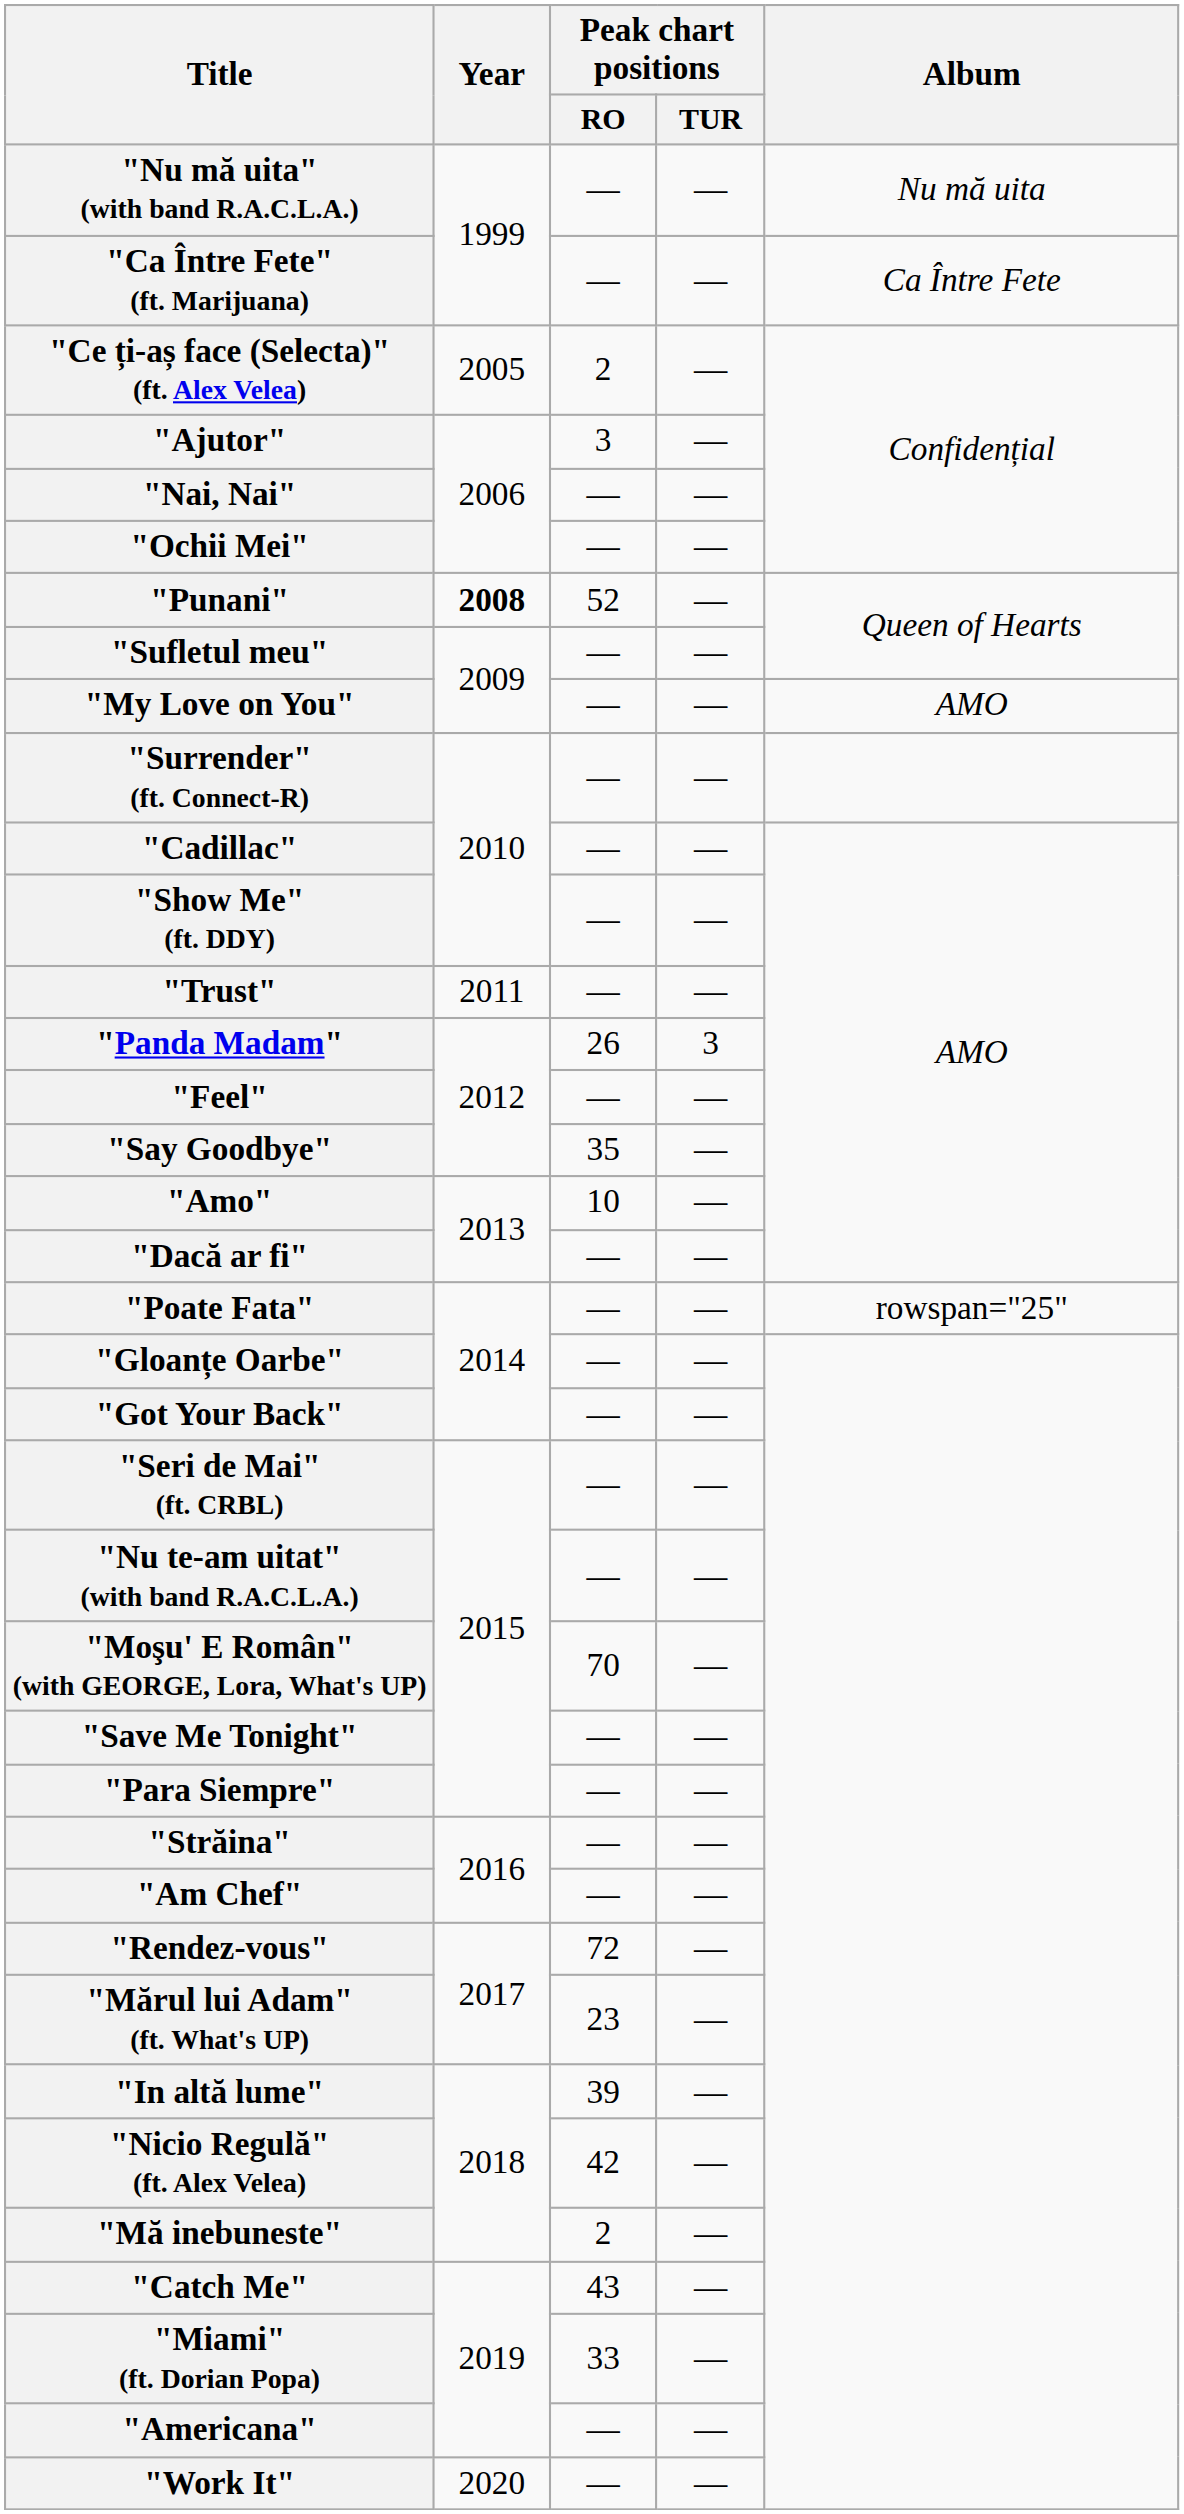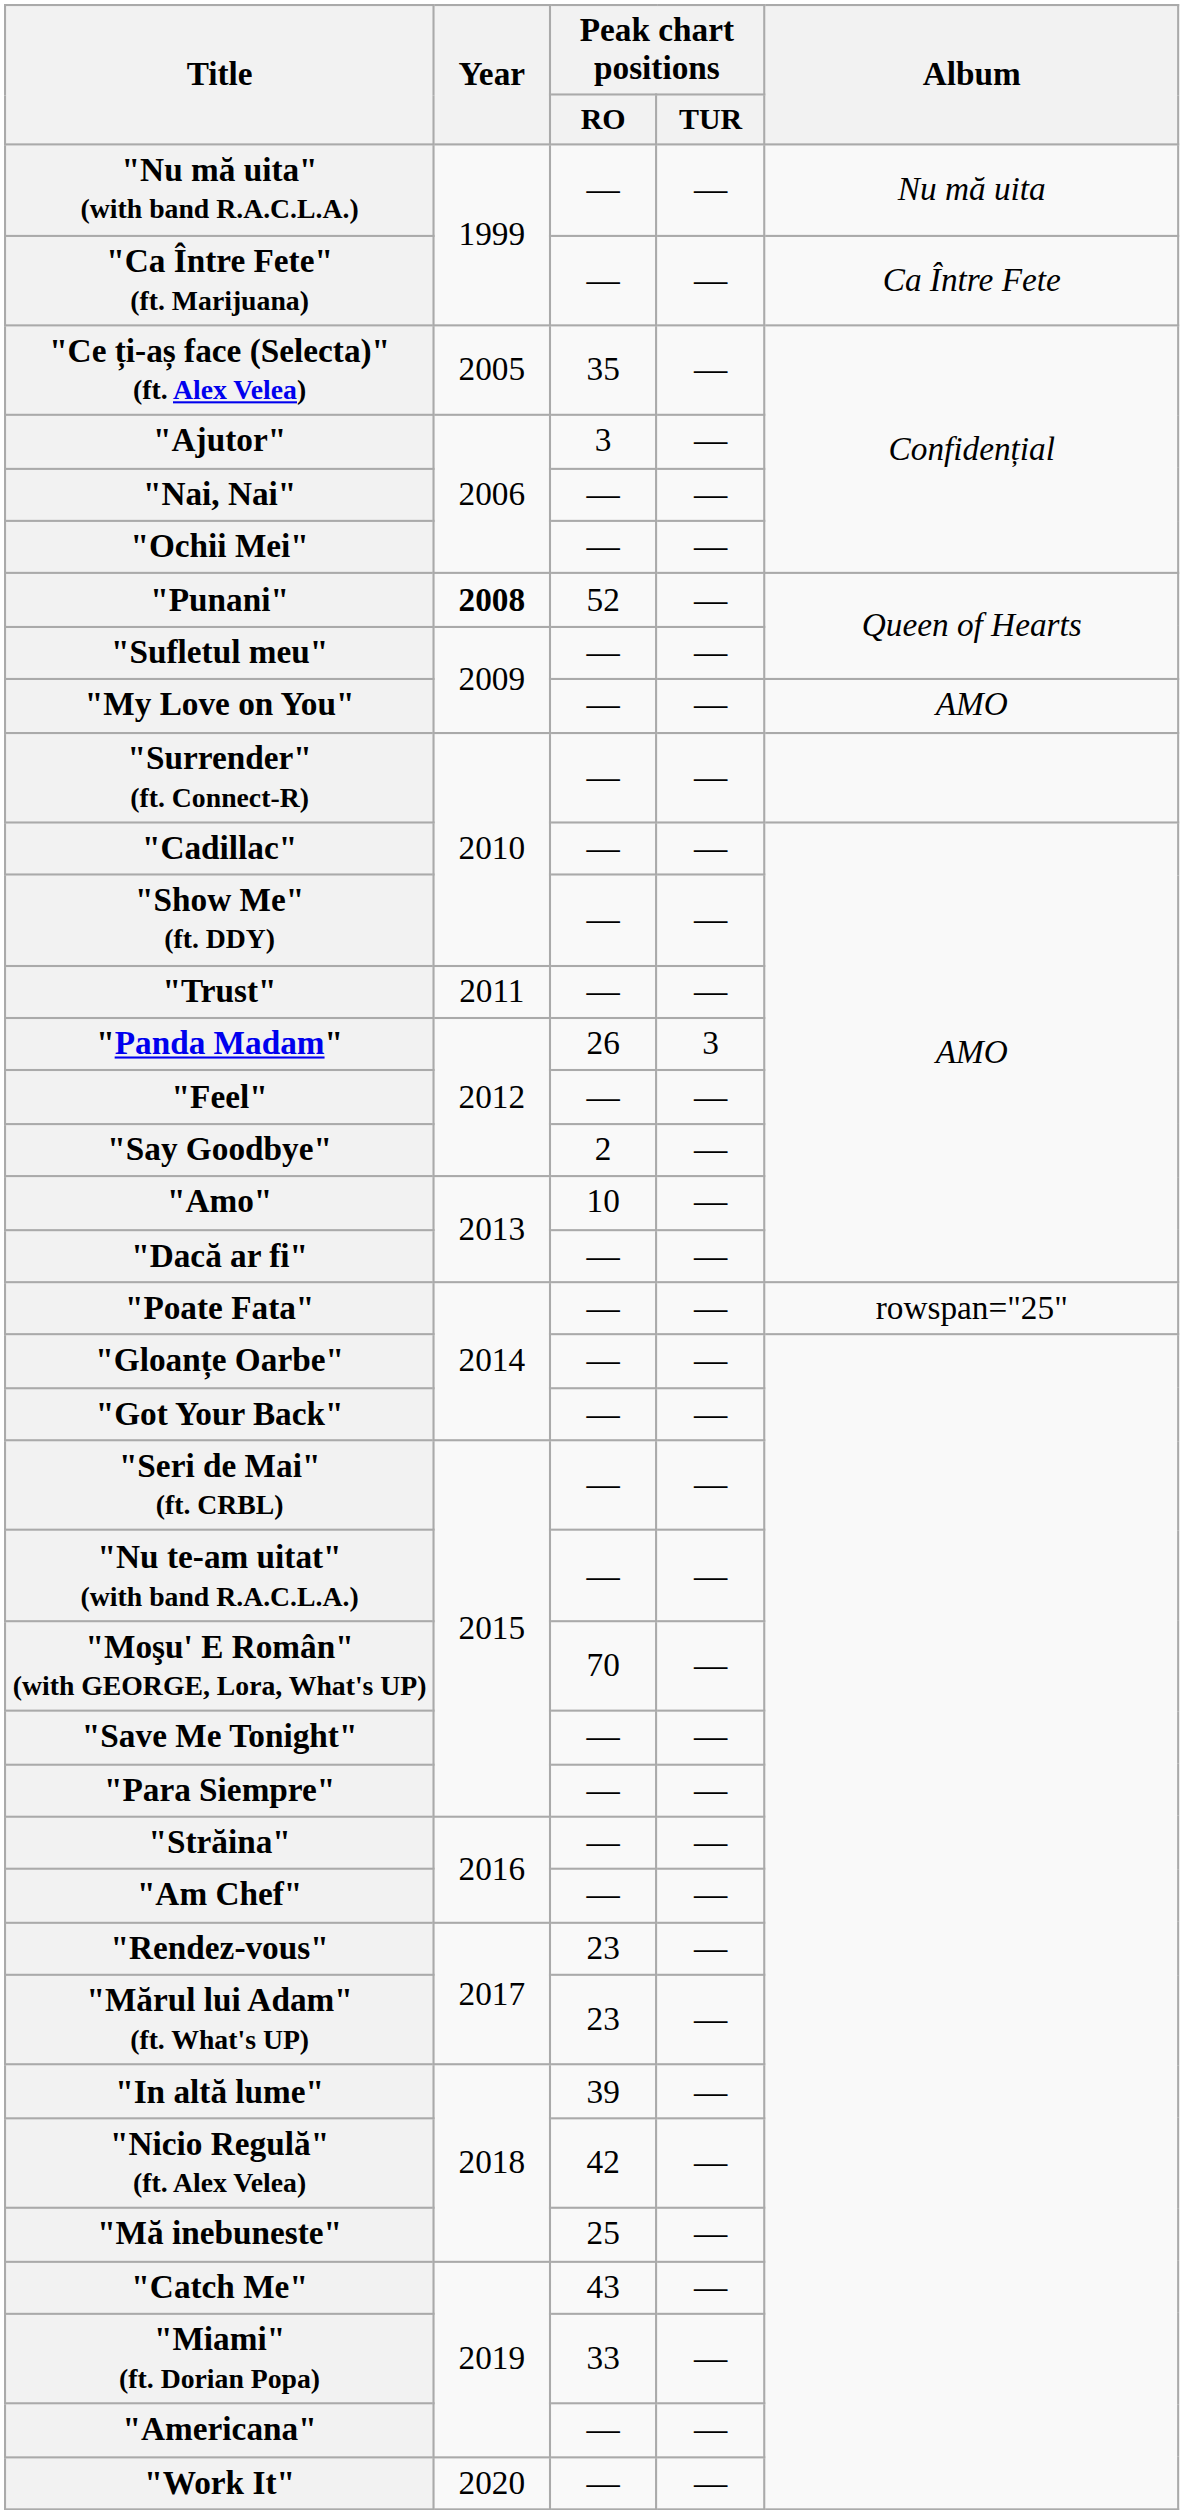 <table class="wikitable" style="text-align:center;">
 <tr>
 <th scope="col" rowspan="2">Title</th>
 <th scope="col" rowspan="2" style="width:3em;">Year</th>
 <th scope="col" colspan="2" style="width:6em;">Peak chart positions</th>
 <th scope="col" rowspan="2" style="width:12em;">Album</th>
 </tr>
 <tr>
 <th scope="col" style="width:3em;font-size:90%;">RO<br></th>
 <th scope="col" style="width:3em;font-size:90%;">TUR<br></th>
 </tr>
 <tr>
 <th scope="row">"Nu mă uita"<br><small>(with band R.A.C.L.A.)</small></th>
 <td rowspan="2">1999</td>
 <td>—</td>
 <td>—</td>
 <td><em>Nu mă uita</em></td>
 </tr>
 <tr>
 <th scope="row">"Ca Între Fete"<br><small>(ft. Marijuana)</small></th>
 <td>—</td>
 <td>—</td>
 <td><em>Ca Între Fete</em></td>
 </tr>
 <tr>
 <th scope="row">"Ce ți-aș face (Selecta)"<br><small>(ft. <a href='#'>Alex Velea</a>)</small></th>
 <td>2005</td>
-<td>2</td>
+<td>35</td>
 <td>—</td>
 <td rowspan="4"><em>Confidențial</em></td>
 </tr>
 <tr>
 <th scope="row">"Ajutor"</th>
 <td rowspan="3">2006</td>
 <td>3</td>
 <td>—</td>
 </tr>
 <tr>
 <th scope="row">"Nai, Nai"</th>
 <td>—</td>
 <td>—</td>
 </tr>
 <tr>
 <th scope="row">"Ochii Mei"</th>
 <td>—</td>
 <td>—</td>
 </tr>
 <tr>
 <th scope="row">"Punani"</th>
 <td><strong>2008</strong></td>
 <td>52</td>
 <td>—</td>
 <td rowspan="2"><em>Queen of Hearts</em></td>
 </tr>
 <tr>
 <th scope="row">"Sufletul meu"</th>
 <td rowspan="2">2009</td>
 <td>—</td>
 <td>—</td>
 </tr>
 <tr>
 <th>"My Love on You"</th>
 <td>—</td>
 <td>—</td>
 <td><em>AMO</em></td>
 </tr>
 <tr>
 <th scope="row">"Surrender"<br><small>(ft. Connect-R)</small></th>
 <td rowspan="3">2010</td>
 <td>—</td>
 <td>—</td>
 <td></td>
 </tr>
 <tr>
 <th scope="row">"Cadillac"</th>
 <td>—</td>
 <td>—</td>
 <td rowspan="8"><em>AMO</em></td>
 </tr>
 <tr>
 <th scope="row">"Show Me"<br><small>(ft. DDY)</small></th>
 <td>—</td>
 <td>—</td>
 </tr>
 <tr>
 <th scope="row">"Trust"</th>
 <td>2011</td>
 <td>—</td>
 <td>—</td>
 </tr>
 <tr>
 <th scope="row">"<a href='#'>Panda Madam</a>"</th>
 <td rowspan="3">2012</td>
 <td>26</td>
 <td>3</td>
 </tr>
 <tr>
 <th scope="row">"Feel"</th>
 <td>—</td>
 <td>—</td>
 </tr>
 <tr>
 <th scope="row">"Say Goodbye"</th>
-<td>35</td>
+<td>2</td>
 <td>—</td>
 </tr>
 <tr>
 <th scope="row">"Amo"</th>
 <td rowspan="2">2013</td>
 <td>10</td>
 <td>—</td>
 </tr>
 <tr>
 <th scope="row">"Dacă ar fi"</th>
 <td>—</td>
 <td>—</td>
 </tr>
 <tr>
 <th scope="row">"Poate Fata"</th>
 <td rowspan="3">2014</td>
 <td>—</td>
 <td>—</td>
 <td>rowspan="25" </td>
 </tr>
 <tr>
 <th scope="row">"Gloanțe Oarbe"</th>
 <td>—</td>
 <td>—</td>
 </tr>
 <tr>
 <th>"Got Your Back"</th>
 <td>—</td>
 <td>—</td>
 </tr>
 <tr>
 <th scope="row">"Seri de Mai"<br><small>(ft. CRBL)</small></th>
 <td rowspan="5">2015</td>
 <td>—</td>
 <td>—</td>
 </tr>
 <tr>
 <th scope="row">"Nu te-am uitat"<br><small>(with band R.A.C.L.A.)</small></th>
 <td>—</td>
 <td>—</td>
 </tr>
 <tr>
 <th scope="row">"Moşu' E Român"<br><small>(with GEORGE, Lora, What's UP)</small></th>
 <td>70</td>
 <td>—</td>
 </tr>
 <tr>
 <th scope="row">"Save Me Tonight"</th>
 <td>—</td>
 <td>—</td>
 </tr>
 <tr>
 <th scope="row">"Para Siempre"</th>
 <td>—</td>
 <td>—</td>
 </tr>
 <tr>
 <th scope="row">"Străina"</th>
 <td rowspan="2">2016</td>
 <td>—</td>
 <td>—</td>
 </tr>
 <tr>
 <th scope="row">"Am Chef"</th>
 <td>—</td>
 <td>—</td>
 </tr>
 <tr>
 <th scope="row">"Rendez-vous"</th>
 <td rowspan="2">2017</td>
-<td>72</td>
+<td>23</td>
 <td>—</td>
 </tr>
 <tr>
 <th scope="row">"Mărul lui Adam"<br><small>(ft. What's UP)</small></th>
 <td>23</td>
 <td>—</td>
 </tr>
 <tr>
 <th scope="row">"In altă lume"</th>
 <td rowspan="3">2018</td>
 <td>39</td>
 <td>—</td>
 </tr>
 <tr>
 <th scope="row">"Nicio Regulă"<br><small>(ft. Alex Velea)</small></th>
 <td>42</td>
 <td>—</td>
 </tr>
 <tr>
 <th scope="row">"Mă inebuneste"</th>
-<td>2</td>
+<td>25</td>
 <td>—</td>
 </tr>
 <tr>
 <th scope="row">"Catch Me"</th>
 <td rowspan="3">2019</td>
 <td>43</td>
 <td>—</td>
 </tr>
 <tr>
 <th scope="row">"Miami"<br><small>(ft. Dorian Popa)</small></th>
 <td>33</td>
 <td>—</td>
 </tr>
 <tr>
 <th scope="row">"Americana"</th>
 <td>—</td>
 <td>—</td>
 </tr>
 <tr>
 <th scope="row">"Work It"</th>
 <td>2020</td>
 <td>—</td>
 <td>—</td>
 </tr>
 </table>
